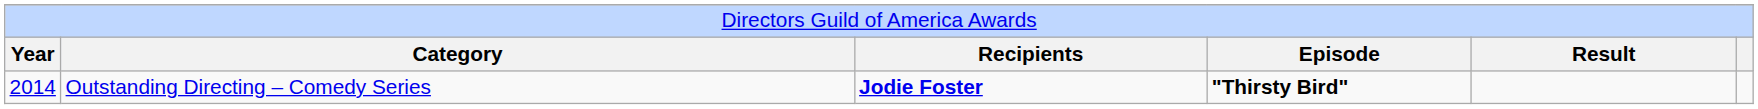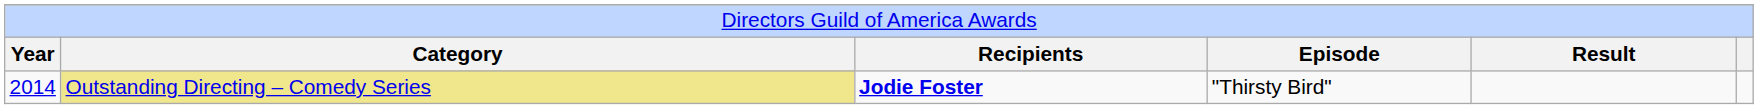 <table class="wikitable plainrowheaders" style="font-size: 100%; width:85%">
 <tr>
 </tr>
 <tr ---- bgcolor="#bfd7ff">
 <td colspan=6 align=center><a href='#'>Directors Guild of America Awards</a></td>
 </tr>
 <tr ---- bgcolor="#ebf5ff">
 <th scope="col" style="width:2%;">Year</th>
 <th scope="col" style="width:45%;">Category</th>
 <th scope="col" style="width:20%;">Recipients</th>
 <th scope="col" style="width:15%;">Episode</th>
 <th scope="col" style="width:15%;">Result</th>
 <th scope="col" class="unsortable" style="width:1%;"></th>
 </tr>
 <tr>
 <td style="text-align:center;"><a href='#'>2014</a></td>
-<td><a href='#'>Outstanding Directing – Comedy Series</a></td>
+<td style="background: khaki;"><a href='#'>Outstanding Directing – Comedy Series</a></td>
 <td><strong><a href='#'>Jodie Foster</a></strong></td>
-<td><strong>"Thirsty Bird"</strong></td>
+<td>"Thirsty Bird"</td>
 <td></td>
 <td style="text-align:center;"></td>
 </tr>
 </table>
